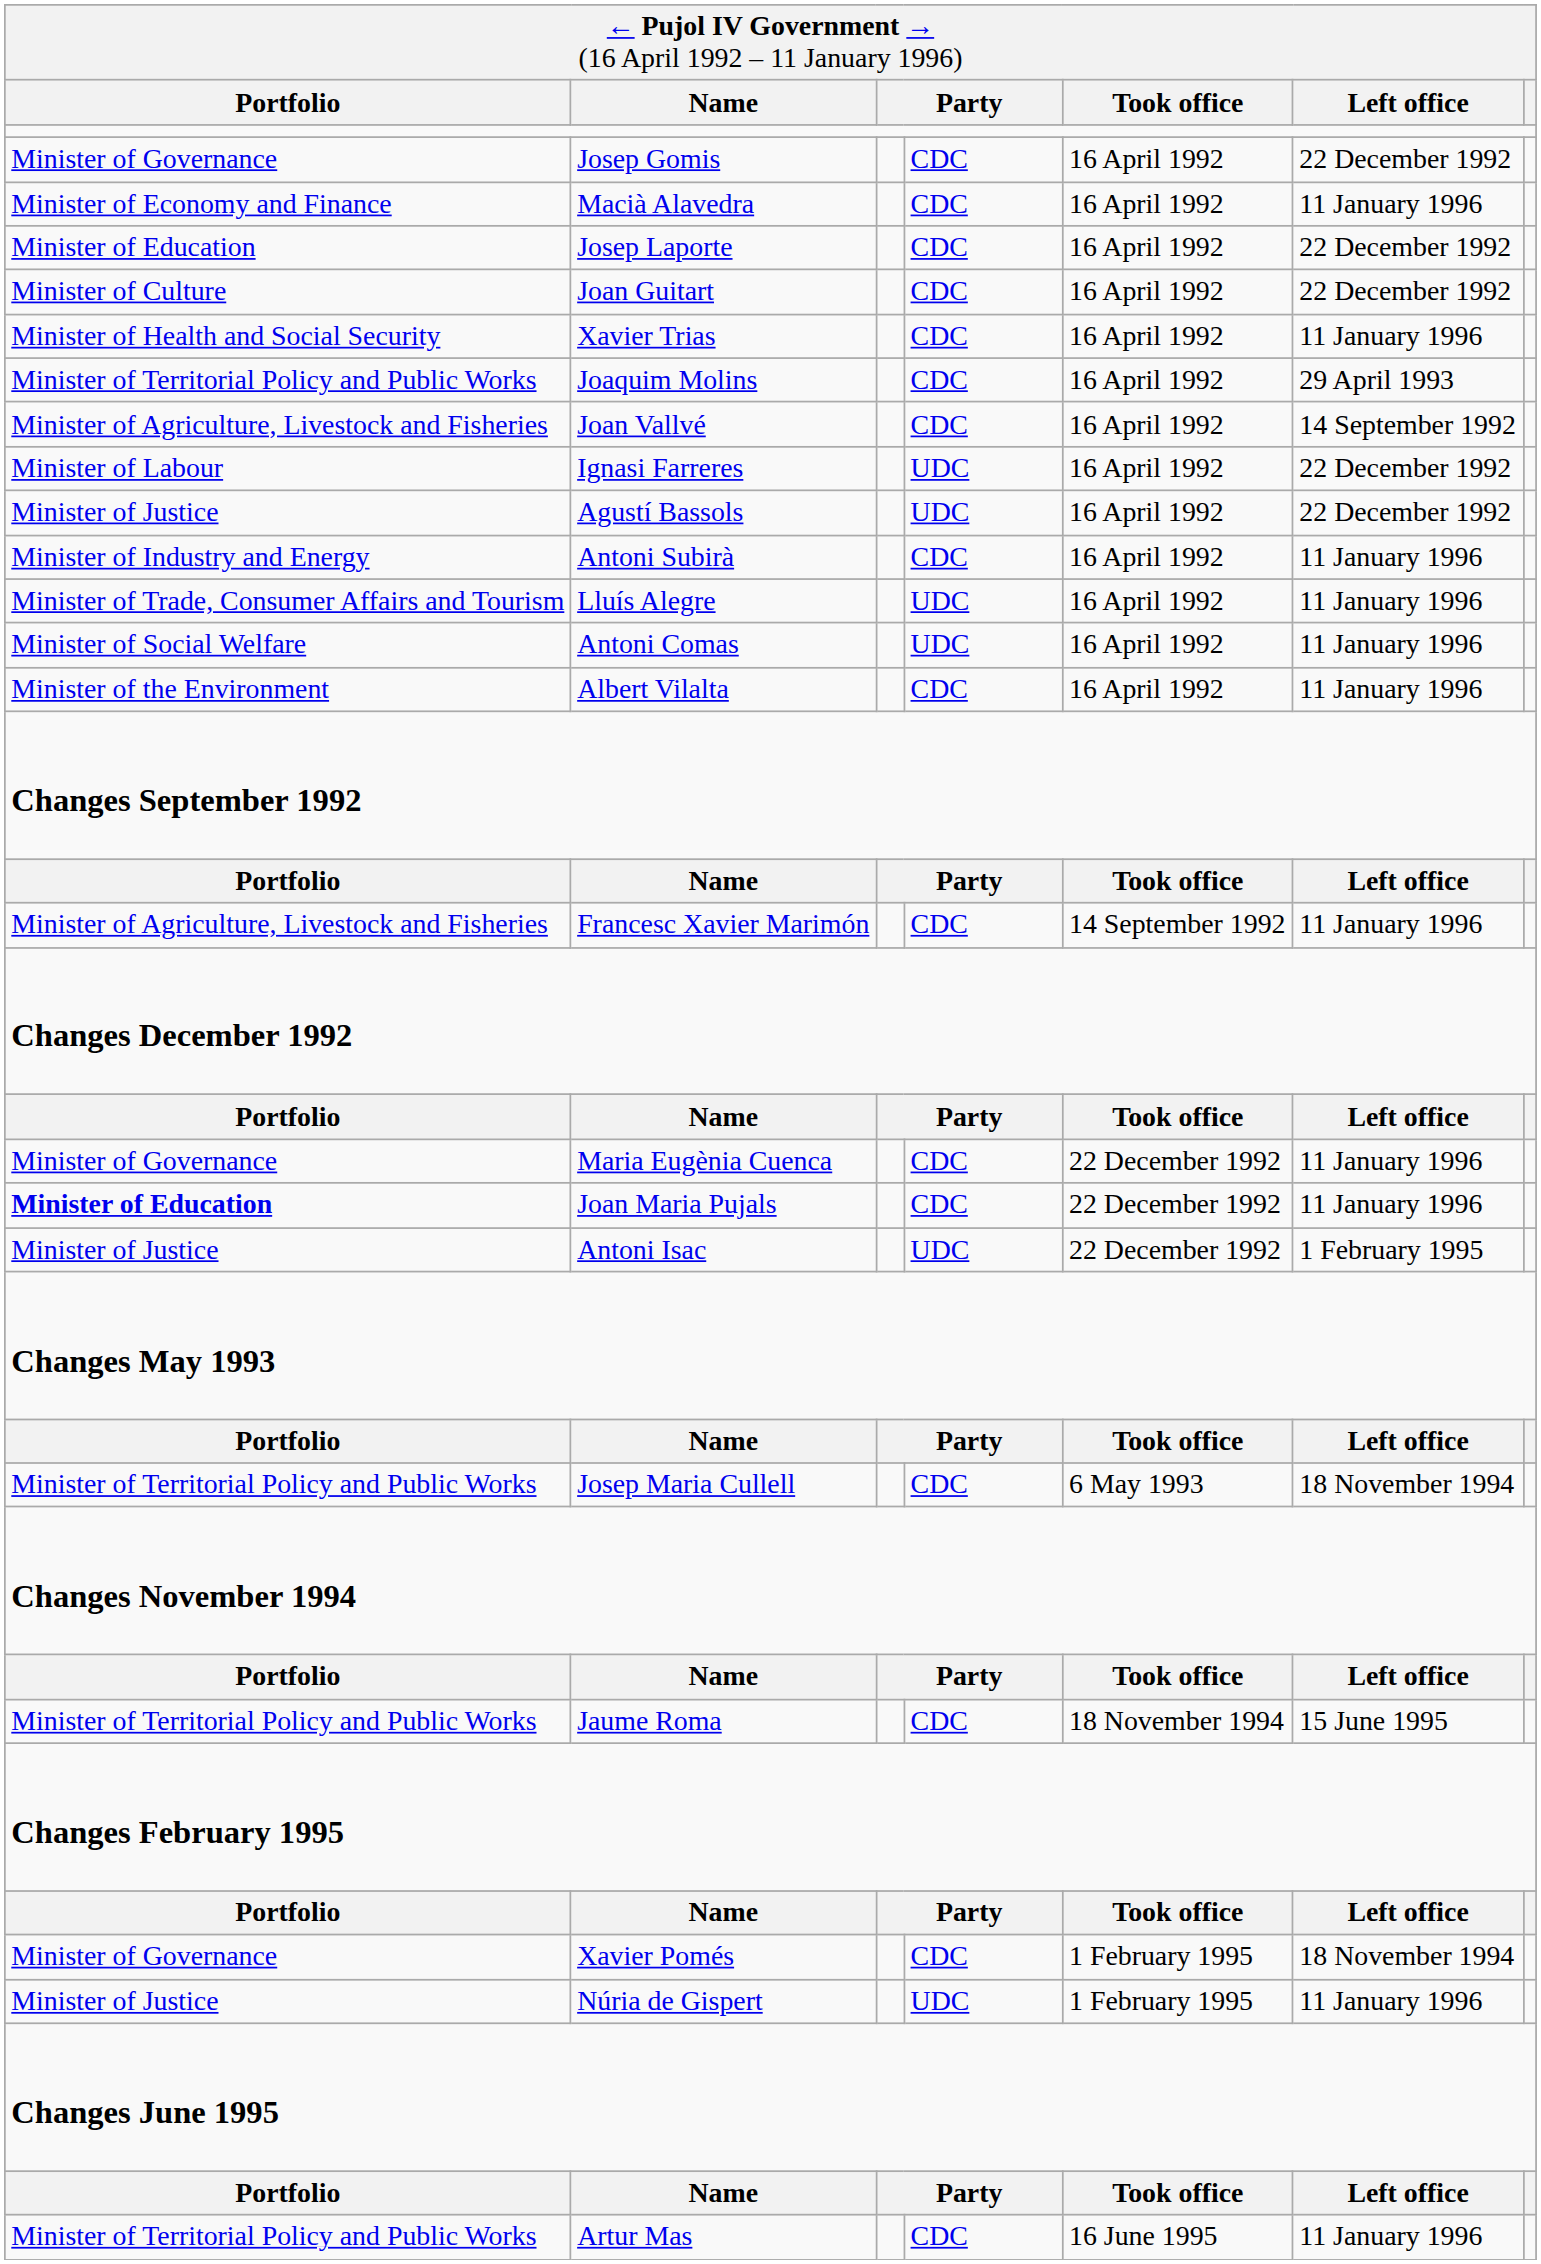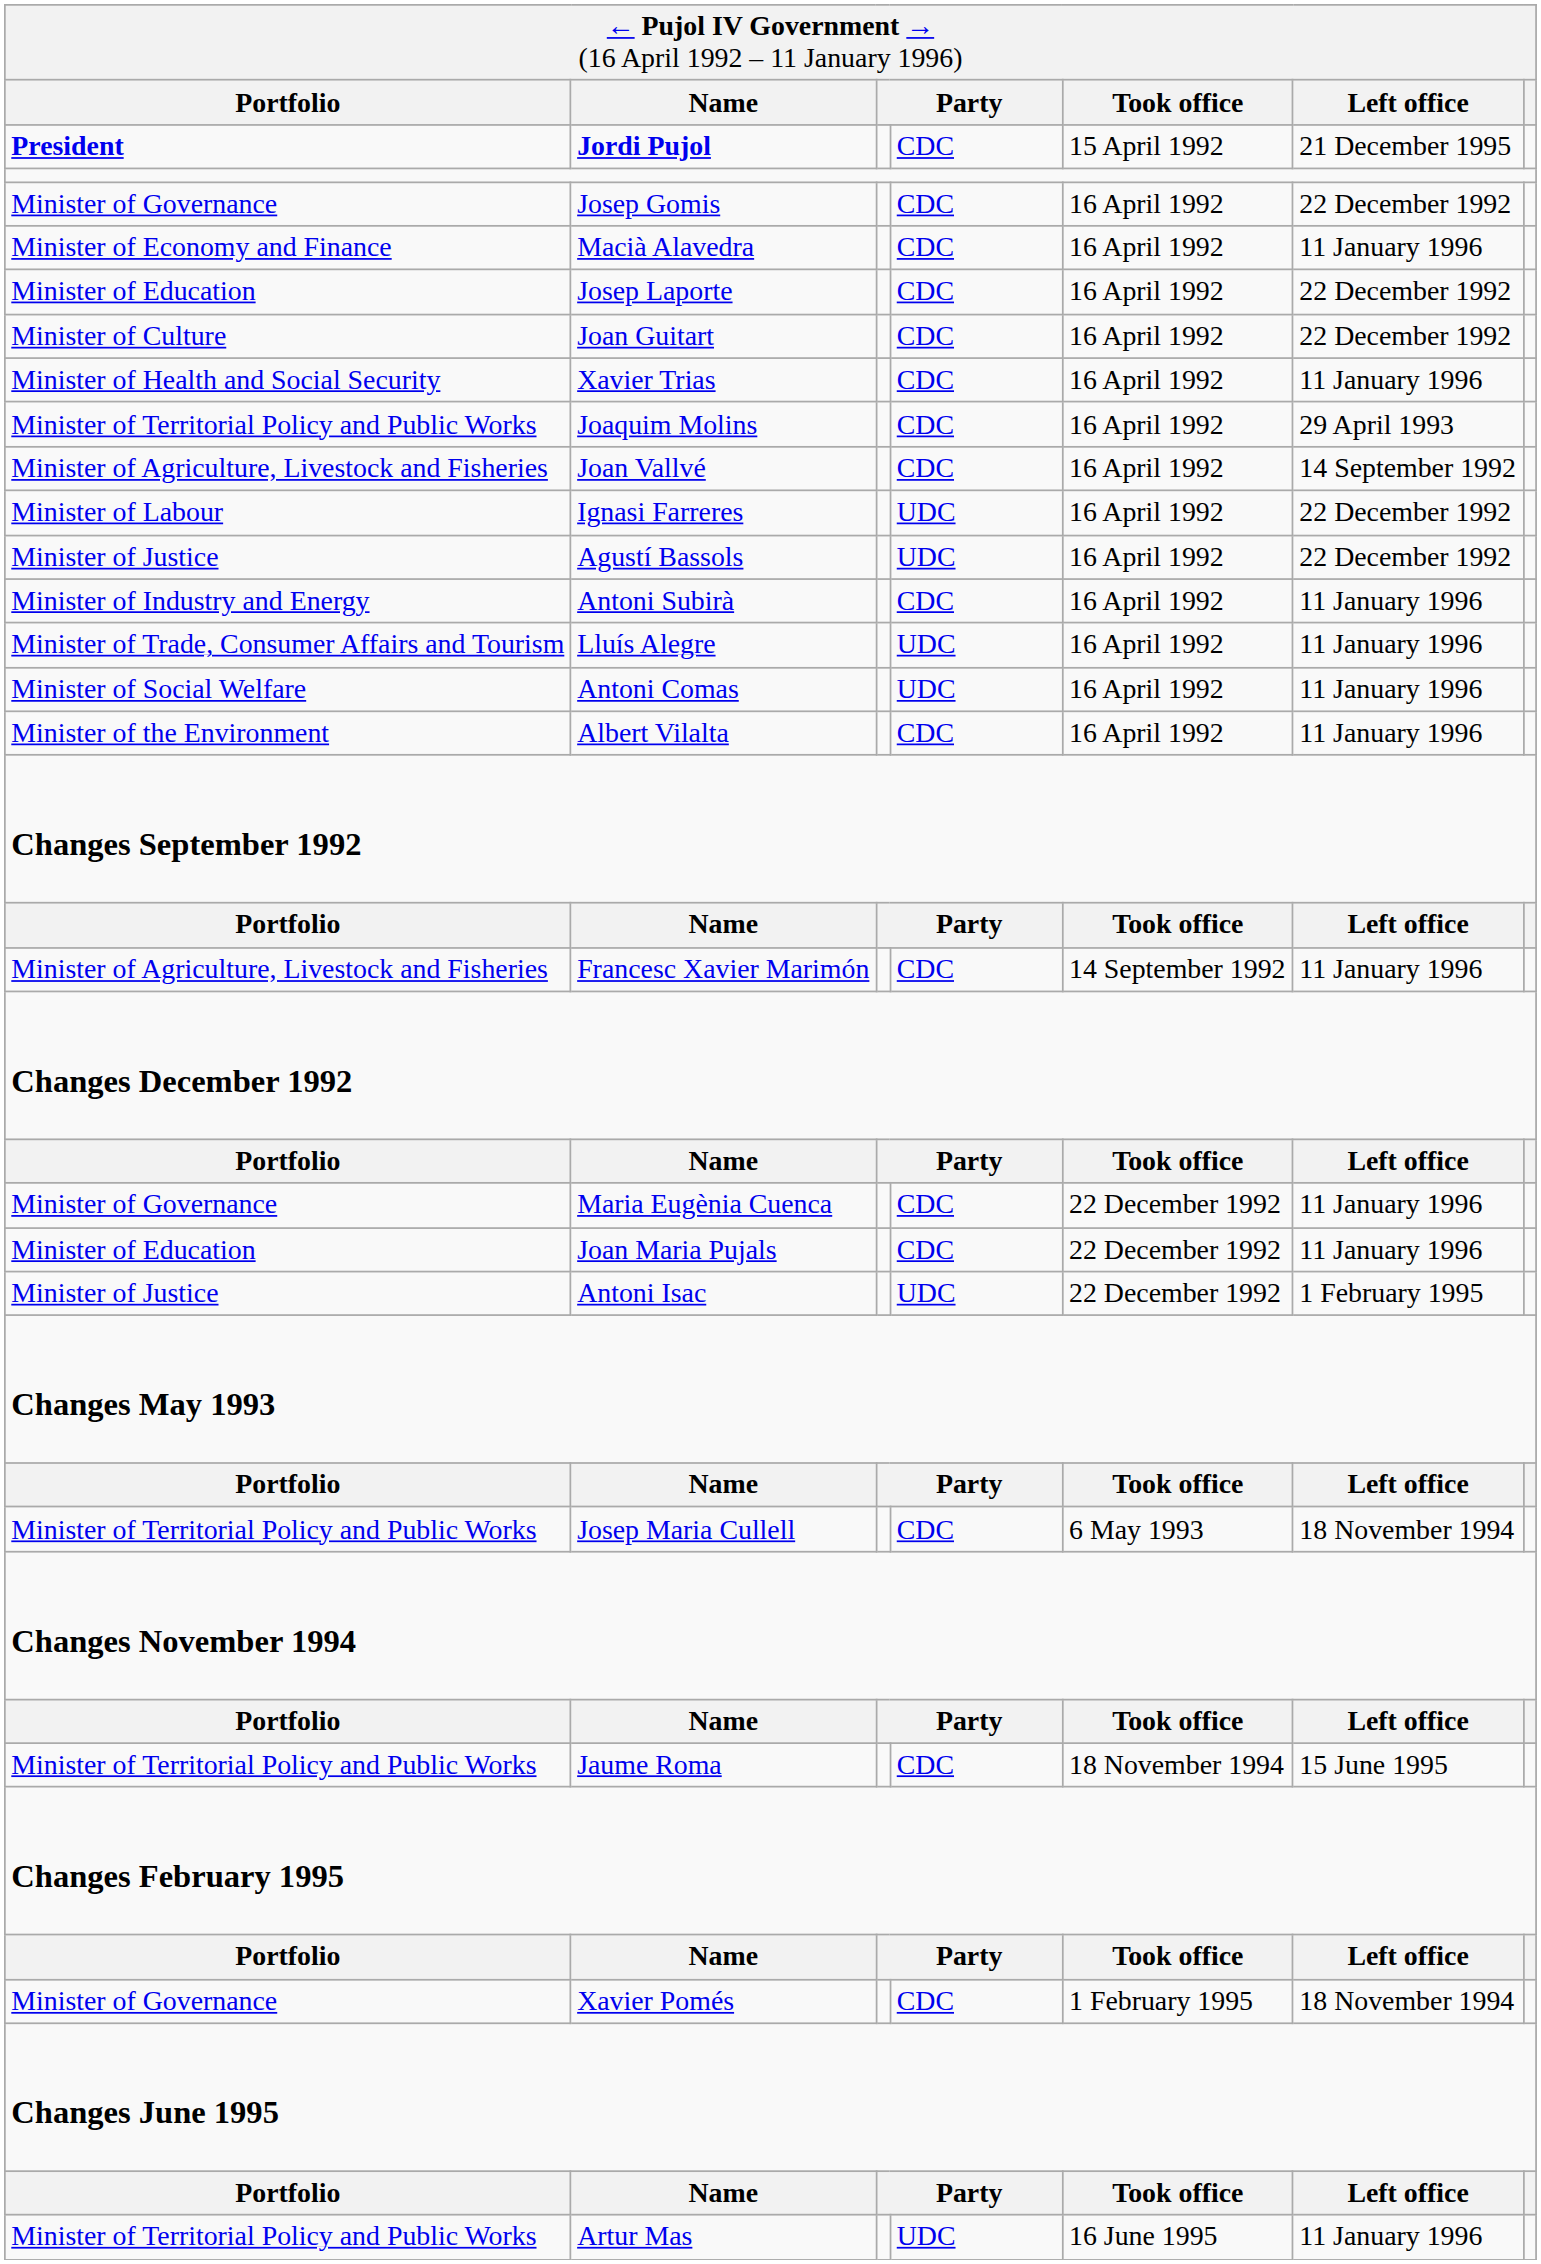 <table class="wikitable">
 <tr>
 <td colspan="7" bgcolor="#F2F2F2" align="center"><a href='#'>←</a> <strong>Pujol IV Government</strong> <a href='#'>→</a><br>(16 April 1992 – 11 January 1996)</td>
 </tr>
 <tr>
 <th>Portfolio</th>
 <th>Name</th>
 <th width="100px" colspan="2">Party</th>
 <th width="125px">Took office</th>
 <th width="125px">Left office</th>
 <th></th>
+</tr>
+<tr>
+<td><strong><a href='#'>President</a></strong></td>
+<td><strong><a href='#'>Jordi Pujol</a></strong></td>
+<td width="1" style="background-color:"></td>
+<td><a href='#'>CDC</a></td>
+<td>15 April 1992</td>
+<td>21 December 1995</td>
+<td align="center"></td>
 </tr>
 <tr>
 <td colspan="7"></td>
 </tr>
 <tr>
 <td><a href='#'>Minister of Governance</a></td>
 <td><a href='#'>Josep Gomis</a></td>
 <td style="background-color:"></td>
 <td><a href='#'>CDC</a></td>
 <td>16 April 1992</td>
 <td>22 December 1992</td>
 <td align="center"></td>
 </tr>
 <tr>
 <td><a href='#'>Minister of Economy and Finance</a></td>
 <td><a href='#'>Macià Alavedra</a></td>
 <td style="background-color:"></td>
 <td><a href='#'>CDC</a></td>
 <td>16 April 1992</td>
 <td>11 January 1996</td>
 <td align="center"></td>
 </tr>
 <tr>
 <td><a href='#'>Minister of Education</a></td>
 <td><a href='#'>Josep Laporte</a></td>
 <td style="background-color:"></td>
 <td><a href='#'>CDC</a></td>
 <td>16 April 1992</td>
 <td>22 December 1992</td>
 <td align="center"></td>
 </tr>
 <tr>
 <td><a href='#'>Minister of Culture</a></td>
 <td><a href='#'>Joan Guitart</a></td>
 <td style="background-color:"></td>
 <td><a href='#'>CDC</a></td>
 <td>16 April 1992</td>
 <td>22 December 1992</td>
 <td align="center"></td>
 </tr>
 <tr>
 <td><a href='#'>Minister of Health and Social Security</a></td>
 <td><a href='#'>Xavier Trias</a></td>
 <td style="background-color:"></td>
 <td><a href='#'>CDC</a></td>
 <td>16 April 1992</td>
 <td>11 January 1996</td>
 <td align="center"></td>
 </tr>
 <tr>
 <td><a href='#'>Minister of Territorial Policy and Public Works</a></td>
 <td><a href='#'>Joaquim Molins</a></td>
 <td style="background-color:"></td>
 <td><a href='#'>CDC</a></td>
 <td>16 April 1992</td>
 <td>29 April 1993</td>
 <td align="center"></td>
 </tr>
 <tr>
 <td><a href='#'>Minister of Agriculture, Livestock and Fisheries</a></td>
 <td><a href='#'>Joan Vallvé</a></td>
 <td style="background-color:"></td>
 <td><a href='#'>CDC</a></td>
 <td>16 April 1992</td>
 <td>14 September 1992</td>
 <td align="center"></td>
 </tr>
 <tr>
 <td><a href='#'>Minister of Labour</a></td>
 <td><a href='#'>Ignasi Farreres</a></td>
 <td style="background-color:"></td>
 <td><a href='#'>UDC</a></td>
 <td>16 April 1992</td>
 <td>22 December 1992</td>
 <td align="center"></td>
 </tr>
 <tr>
 <td><a href='#'>Minister of Justice</a></td>
 <td><a href='#'>Agustí Bassols</a></td>
 <td style="background-color:"></td>
 <td><a href='#'>UDC</a></td>
 <td>16 April 1992</td>
 <td>22 December 1992</td>
 <td align="center"></td>
 </tr>
 <tr>
 <td><a href='#'>Minister of Industry and Energy</a></td>
 <td><a href='#'>Antoni Subirà</a></td>
 <td style="background-color:"></td>
 <td><a href='#'>CDC</a></td>
 <td>16 April 1992</td>
 <td>11 January 1996</td>
 <td align="center"></td>
 </tr>
 <tr>
 <td><a href='#'>Minister of Trade, Consumer Affairs and Tourism</a></td>
 <td><a href='#'>Lluís Alegre</a></td>
 <td style="background-color:"></td>
 <td><a href='#'>UDC</a></td>
 <td>16 April 1992</td>
 <td>11 January 1996</td>
 <td align="center"></td>
 </tr>
 <tr>
 <td><a href='#'>Minister of Social Welfare</a></td>
 <td><a href='#'>Antoni Comas</a></td>
 <td style="background-color:"></td>
 <td><a href='#'>UDC</a></td>
 <td>16 April 1992</td>
 <td>11 January 1996</td>
 <td align="center"></td>
 </tr>
 <tr>
 <td><a href='#'>Minister of the Environment</a></td>
 <td><a href='#'>Albert Vilalta</a></td>
 <td style="background-color:"></td>
 <td><a href='#'>CDC</a></td>
 <td>16 April 1992</td>
 <td>11 January 1996</td>
 <td align="center"></td>
 </tr>
 <tr>
 <td colspan="7"><br><h3>Changes September 1992</h3></td>
 </tr>
 <tr>
 <th>Portfolio</th>
 <th>Name</th>
 <th colspan="2">Party</th>
 <th>Took office</th>
 <th>Left office</th>
 <th></th>
 </tr>
 <tr>
 <td><a href='#'>Minister of Agriculture, Livestock and Fisheries</a></td>
 <td><a href='#'>Francesc Xavier Marimón</a></td>
 <td style="background-color:"></td>
 <td><a href='#'>CDC</a></td>
 <td>14 September 1992</td>
 <td>11 January 1996</td>
 <td align="center"></td>
 </tr>
 <tr>
 <td colspan="7"><br><h3>Changes December 1992</h3></td>
 </tr>
 <tr>
 <th>Portfolio</th>
 <th>Name</th>
 <th colspan="2">Party</th>
 <th>Took office</th>
 <th>Left office</th>
 <th></th>
 </tr>
 <tr>
 <td><a href='#'>Minister of Governance</a></td>
 <td><a href='#'>Maria Eugènia Cuenca</a></td>
 <td style="background-color:"></td>
 <td><a href='#'>CDC</a></td>
 <td>22 December 1992</td>
 <td>11 January 1996</td>
 <td align="center"></td>
 </tr>
 <tr>
-<td><strong><a href='#'>Minister of Education</a></strong></td>
+<td><a href='#'>Minister of Education</a></td>
 <td><a href='#'>Joan Maria Pujals</a></td>
 <td style="background-color:"></td>
 <td><a href='#'>CDC</a></td>
 <td>22 December 1992</td>
 <td>11 January 1996</td>
 <td align="center"></td>
 </tr>
 <tr>
 <td><a href='#'>Minister of Justice</a></td>
 <td><a href='#'>Antoni Isac</a></td>
 <td style="background-color:"></td>
 <td><a href='#'>UDC</a></td>
 <td>22 December 1992</td>
 <td>1 February 1995</td>
 <td align="center"></td>
 </tr>
 <tr>
 <td colspan="7"><br><h3>Changes May 1993</h3></td>
 </tr>
 <tr>
 <th>Portfolio</th>
 <th>Name</th>
 <th colspan="2">Party</th>
 <th>Took office</th>
 <th>Left office</th>
 <th></th>
 </tr>
 <tr>
 <td><a href='#'>Minister of Territorial Policy and Public Works</a></td>
 <td><a href='#'>Josep Maria Cullell</a></td>
 <td style="background-color:"></td>
 <td><a href='#'>CDC</a></td>
 <td>6 May 1993</td>
 <td>18 November 1994</td>
 <td align="center"></td>
 </tr>
 <tr>
 <td colspan="7"><br><h3>Changes November 1994</h3></td>
 </tr>
 <tr>
 <th>Portfolio</th>
 <th>Name</th>
 <th colspan="2">Party</th>
 <th>Took office</th>
 <th>Left office</th>
 <th></th>
 </tr>
 <tr>
 <td><a href='#'>Minister of Territorial Policy and Public Works</a></td>
 <td><a href='#'>Jaume Roma</a></td>
 <td style="background-color:"></td>
 <td><a href='#'>CDC</a></td>
 <td>18 November 1994</td>
 <td>15 June 1995</td>
 <td align="center"></td>
 </tr>
 <tr>
 <td colspan="7"><br><h3>Changes February 1995</h3></td>
 </tr>
 <tr>
 <th>Portfolio</th>
 <th>Name</th>
 <th colspan="2">Party</th>
 <th>Took office</th>
 <th>Left office</th>
 <th></th>
 </tr>
 <tr>
 <td><a href='#'>Minister of Governance</a></td>
 <td><a href='#'>Xavier Pomés</a></td>
 <td style="background-color:"></td>
 <td><a href='#'>CDC</a></td>
 <td>1 February 1995</td>
 <td>18 November 1994</td>
 <td align="center"></td>
 </tr>
 <tr>
-<td><a href='#'>Minister of Justice</a></td>
-<td><a href='#'>Núria de Gispert</a></td>
-<td style="background-color:"></td>
-<td><a href='#'>UDC</a></td>
-<td>1 February 1995</td>
-<td>11 January 1996</td>
-<td align="center"></td>
-</tr>
-<tr>
 <td colspan="7"><br><h3>Changes June 1995</h3></td>
 </tr>
 <tr>
 <th>Portfolio</th>
 <th>Name</th>
 <th colspan="2">Party</th>
 <th>Took office</th>
 <th>Left office</th>
 <th></th>
 </tr>
 <tr>
 <td><a href='#'>Minister of Territorial Policy and Public Works</a></td>
 <td><a href='#'>Artur Mas</a></td>
 <td style="background-color:"></td>
-<td><a href='#'>CDC</a></td>
+<td><a href='#'>UDC</a></td>
 <td>16 June 1995</td>
 <td>11 January 1996</td>
 <td align="center"></td>
 </tr>
 </table>
